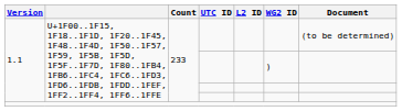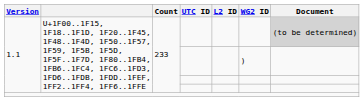 <table class="wikitable collapsible sticky-header">
 <tr>
 <th><a href='#'>Version</a></th>
 <th></th>
 <th>Count</th>
 <th><a href='#'>UTC</a> ID</th>
 <th><a href='#'>L2</a> ID</th>
 <th><a href='#'>WG2</a> ID</th>
 <th>Document</th>
 </tr>
 <tr>
 <td rowspan="4">1.1</td>
 <td rowspan="4" width="180">U+1F00..1F15, 1F18..1F1D, 1F20..1F45, 1F48..1F4D, 1F50..1F57, 1F59, 1F5B, 1F5D, 1F5F..1F7D, 1F80..1FB4, 1FB6..1FC4, 1FC6..1FD3, 1FD6..1FDB, 1FDD..1FEF, 1FF2..1FF4, 1FF6..1FFE</td>
 <td rowspan="4">233</td>
 <td></td>
 <td></td>
 <td></td>
-<td>(to be determined)</td>
+<td style="background: lightgrey;">(to be determined)</td>
 </tr>
 <tr>
 <td></td>
 <td></td>
 <td> )</td>
 <td></td>
 </tr>
 <tr>
 <td></td>
 <td></td>
 <td></td>
 <td></td>
 </tr>
 <tr>
 <td></td>
 <td></td>
 <td></td>
 <td></td>
 </tr>
 <tr class="sortbottom">
 <td colspan="7"></td>
 </tr>
 </table>
